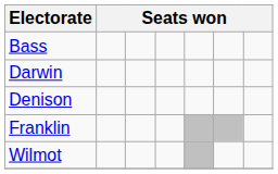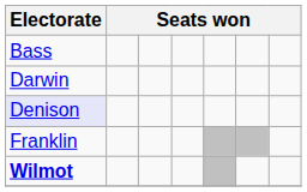 <table class="wikitable">
 <tr>
 <th>Electorate</th>
 <th colspan=7>Seats won</th>
 </tr>
 <tr>
 <td><a href='#'>Bass</a></td>
 <td width=20 > </td>
 <td width=20 > </td>
 <td width=20 > </td>
 <td width=20 > </td>
 <td width=20 > </td>
 <td width=20 > </td>
 </tr>
 <tr>
 <td><a href='#'>Darwin</a></td>
 <td> </td>
 <td> </td>
 <td> </td>
 <td> </td>
 <td> </td>
 <td> </td>
 </tr>
 <tr>
-<td><a href='#'>Denison</a></td>
+<td style="background: lavender;"><a href='#'>Denison</a></td>
 <td> </td>
 <td> </td>
 <td> </td>
 <td> </td>
 <td> </td>
 <td> </td>
 </tr>
 <tr>
 <td><a href='#'>Franklin</a></td>
 <td> </td>
 <td> </td>
 <td> </td>
 <td bgcolor="#C0C0C0"> </td>
 <td bgcolor="#C0C0C0"> </td>
 <td> </td>
 </tr>
 <tr>
-<td><a href='#'>Wilmot</a></td>
+<td><strong><a href='#'>Wilmot</a></strong></td>
 <td> </td>
 <td> </td>
 <td> </td>
 <td bgcolor="#C0C0C0"> </td>
 <td> </td>
 <td> </td>
 </tr>
 <tr>
 </tr>
 </table>
